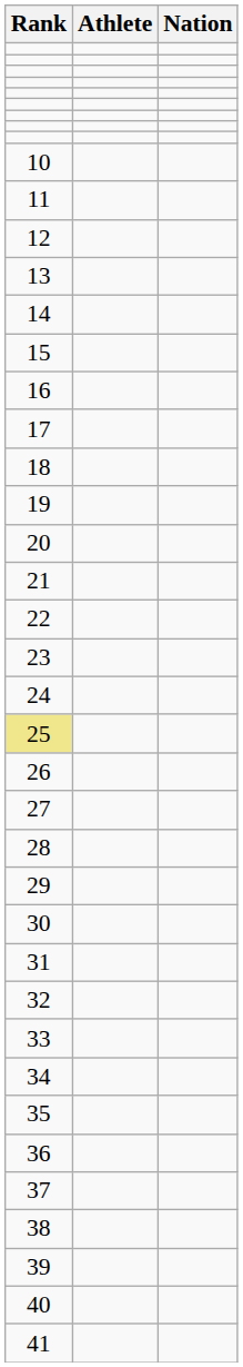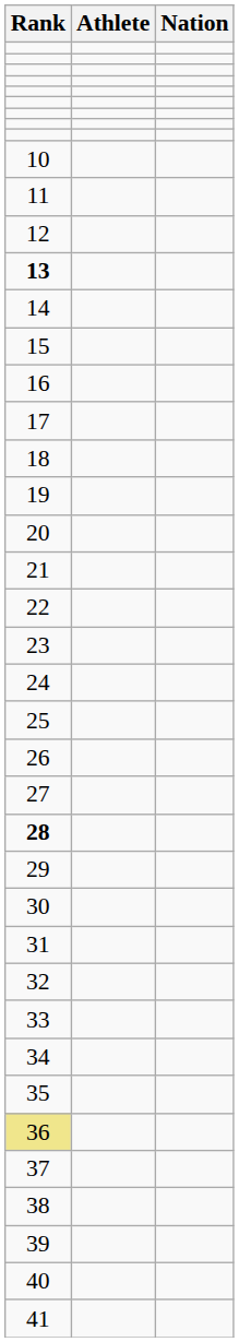 <table class="wikitable sortable" style="text-align:left">
 <tr>
 <th>Rank</th>
 <th>Athlete</th>
 <th>Nation</th>
 </tr>
 <tr>
 <td align="center"></td>
 <td></td>
 <td></td>
 </tr>
 <tr>
 <td align="center"></td>
 <td></td>
 <td></td>
 </tr>
 <tr>
 <td align="center"></td>
 <td></td>
 <td></td>
 </tr>
 <tr>
 <td align="center"></td>
 <td></td>
 <td></td>
 </tr>
 <tr>
 <td align="center"></td>
 <td></td>
 <td></td>
 </tr>
 <tr>
 <td align="center"></td>
 <td></td>
 <td></td>
 </tr>
 <tr>
 <td align="center"></td>
 <td></td>
 <td></td>
 </tr>
 <tr>
 <td align="center"></td>
 <td></td>
 <td></td>
 </tr>
 <tr>
 <td align="center"></td>
 <td></td>
 <td></td>
 </tr>
 <tr>
 <td align="center">10</td>
 <td></td>
 <td></td>
 </tr>
 <tr>
 <td align="center">11</td>
 <td></td>
 <td></td>
 </tr>
 <tr>
 <td align="center">12</td>
 <td></td>
 <td></td>
 </tr>
 <tr>
-<td align="center">13</td>
+<td align="center"><strong>13</strong></td>
 <td></td>
 <td></td>
 </tr>
 <tr>
 <td align="center">14</td>
 <td></td>
 <td></td>
 </tr>
 <tr>
 <td align="center">15</td>
 <td></td>
 <td></td>
 </tr>
 <tr>
 <td align="center">16</td>
 <td></td>
 <td></td>
 </tr>
 <tr>
 <td align="center">17</td>
 <td></td>
 <td></td>
 </tr>
 <tr>
 <td align="center">18</td>
 <td></td>
 <td></td>
 </tr>
 <tr>
 <td align="center">19</td>
 <td></td>
 <td></td>
 </tr>
 <tr>
 <td align="center">20</td>
 <td></td>
 <td></td>
 </tr>
 <tr>
 <td align="center">21</td>
 <td></td>
 <td></td>
 </tr>
 <tr>
 <td align="center">22</td>
 <td></td>
 <td></td>
 </tr>
 <tr>
 <td align="center">23</td>
 <td></td>
 <td></td>
 </tr>
 <tr>
 <td align="center">24</td>
 <td></td>
 <td></td>
 </tr>
 <tr>
-<td align="center" style="background: khaki;">25</td>
+<td align="center">25</td>
 <td></td>
 <td></td>
 </tr>
 <tr>
 <td align="center">26</td>
 <td></td>
 <td></td>
 </tr>
 <tr>
 <td align="center">27</td>
 <td></td>
 <td></td>
 </tr>
 <tr>
-<td align="center">28</td>
+<td align="center"><strong>28</strong></td>
 <td></td>
 <td></td>
 </tr>
 <tr>
 <td align="center">29</td>
 <td></td>
 <td></td>
 </tr>
 <tr>
 <td align="center">30</td>
 <td></td>
 <td></td>
 </tr>
 <tr>
 <td align="center">31</td>
 <td></td>
 <td></td>
 </tr>
 <tr>
 <td align="center">32</td>
 <td></td>
 <td></td>
 </tr>
 <tr>
 <td align="center">33</td>
 <td></td>
 <td></td>
 </tr>
 <tr>
 <td align="center">34</td>
 <td></td>
 <td></td>
 </tr>
 <tr>
 <td align="center">35</td>
 <td></td>
 <td></td>
 </tr>
 <tr>
-<td align="center">36</td>
+<td align="center" style="background: khaki;">36</td>
 <td></td>
 <td></td>
 </tr>
 <tr>
 <td align="center">37</td>
 <td></td>
 <td></td>
 </tr>
 <tr>
 <td align="center">38</td>
 <td></td>
 <td></td>
 </tr>
 <tr>
 <td align="center">39</td>
 <td></td>
 <td></td>
 </tr>
 <tr>
 <td align="center">40</td>
 <td></td>
 <td></td>
 </tr>
 <tr>
 <td align="center">41</td>
 <td></td>
 <td></td>
 </tr>
 </table>
